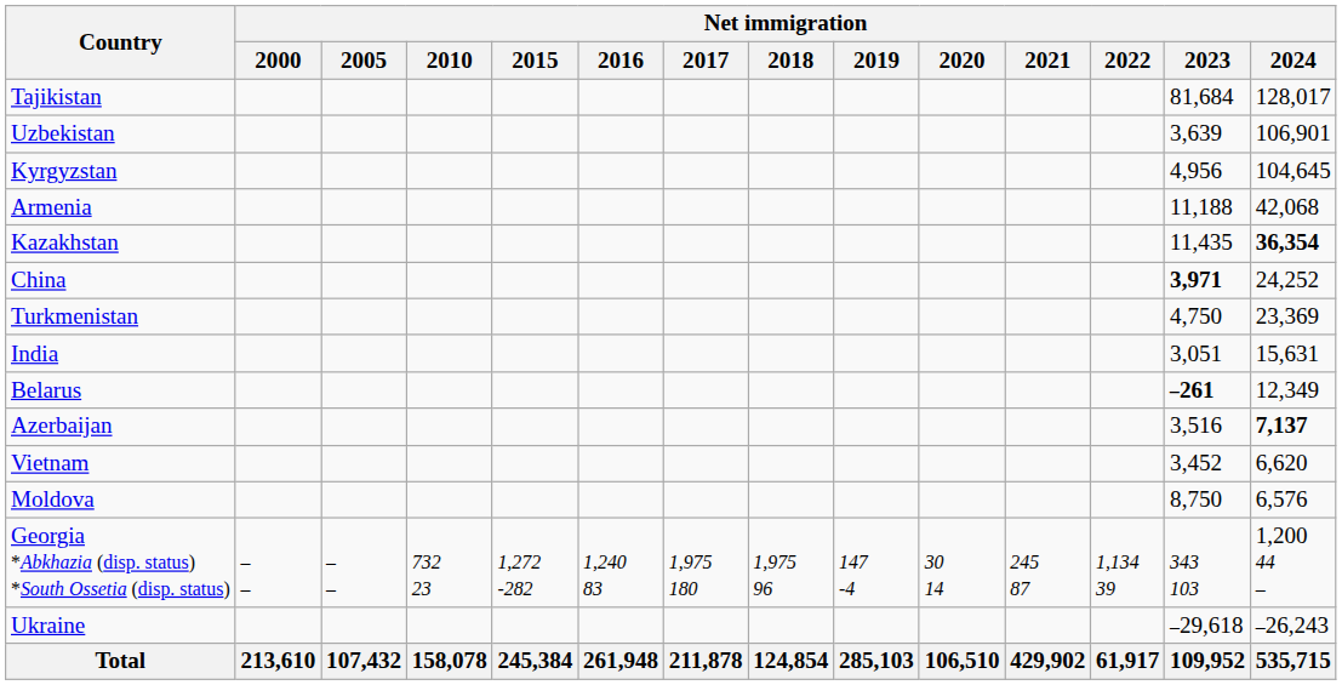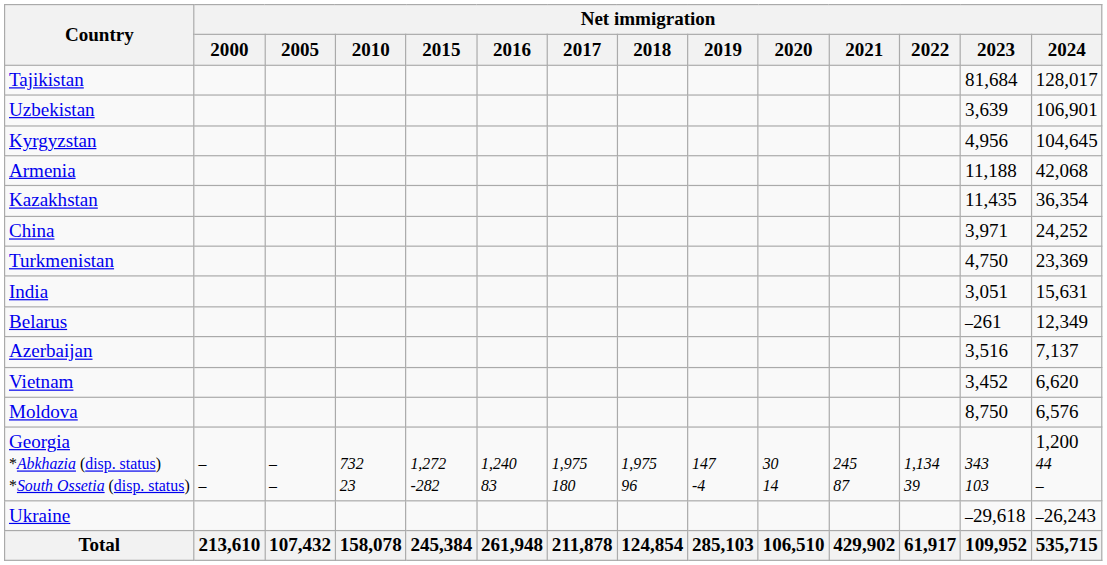 <table class="nowrap sortable mw-datatable wikitable sortable">
 <tr>
 <th rowspan="2">Country</th>
 <th colspan="13">Net immigration</th>
 </tr>
 <tr>
 <th>2000</th>
 <th>2005</th>
 <th>2010</th>
 <th>2015</th>
 <th>2016</th>
 <th>2017</th>
 <th>2018</th>
 <th>2019</th>
 <th>2020</th>
 <th>2021</th>
 <th>2022</th>
 <th>2023</th>
 <th>2024</th>
 </tr>
 <tr>
 <td> <a href='#'>Tajikistan</a></td>
 <td></td>
 <td></td>
 <td></td>
 <td></td>
 <td></td>
 <td></td>
 <td></td>
 <td></td>
 <td></td>
 <td></td>
 <td></td>
 <td>81,684</td>
 <td>128,017</td>
 </tr>
 <tr>
 <td> <a href='#'>Uzbekistan</a></td>
 <td></td>
 <td></td>
 <td></td>
 <td></td>
 <td></td>
 <td></td>
 <td></td>
 <td></td>
 <td></td>
 <td></td>
 <td></td>
 <td>3,639</td>
 <td>106,901</td>
 </tr>
 <tr>
 <td> <a href='#'>Kyrgyzstan</a></td>
 <td></td>
 <td></td>
 <td></td>
 <td></td>
 <td></td>
 <td></td>
 <td></td>
 <td></td>
 <td></td>
 <td></td>
 <td></td>
 <td>4,956</td>
 <td>104,645</td>
 </tr>
 <tr>
 <td> <a href='#'>Armenia</a></td>
 <td></td>
 <td></td>
 <td></td>
 <td></td>
 <td></td>
 <td></td>
 <td></td>
 <td></td>
 <td></td>
 <td></td>
 <td></td>
 <td>11,188</td>
 <td>42,068</td>
 </tr>
 <tr>
 <td> <a href='#'>Kazakhstan</a></td>
 <td></td>
 <td></td>
 <td></td>
 <td></td>
 <td></td>
 <td></td>
 <td></td>
 <td></td>
 <td></td>
 <td></td>
 <td></td>
 <td>11,435</td>
-<td><strong>36,354</strong></td>
+<td>36,354</td>
 </tr>
 <tr>
 <td> <a href='#'>China</a></td>
 <td></td>
 <td></td>
 <td></td>
 <td></td>
 <td></td>
 <td></td>
 <td></td>
 <td></td>
 <td></td>
 <td></td>
 <td></td>
-<td><strong>3,971</strong></td>
+<td>3,971</td>
 <td>24,252</td>
 </tr>
 <tr>
 <td> <a href='#'>Turkmenistan</a></td>
 <td></td>
 <td></td>
 <td></td>
 <td></td>
 <td></td>
 <td></td>
 <td></td>
 <td></td>
 <td></td>
 <td></td>
 <td></td>
 <td>4,750</td>
 <td>23,369</td>
 </tr>
 <tr>
 <td> <a href='#'>India</a></td>
 <td></td>
 <td></td>
 <td></td>
 <td></td>
 <td></td>
 <td></td>
 <td></td>
 <td></td>
 <td></td>
 <td></td>
 <td></td>
 <td>3,051</td>
 <td>15,631</td>
 </tr>
 <tr>
 <td> <a href='#'>Belarus</a></td>
 <td></td>
 <td></td>
 <td></td>
 <td></td>
 <td></td>
 <td></td>
 <td></td>
 <td></td>
 <td></td>
 <td></td>
 <td></td>
-<td><strong><small><em>–</em></small>261</strong></td>
+<td><small><em>–</em></small>261</td>
 <td>12,349</td>
 </tr>
 <tr>
 <td> <a href='#'>Azerbaijan</a></td>
 <td></td>
 <td></td>
 <td></td>
 <td></td>
 <td></td>
 <td></td>
 <td></td>
 <td></td>
 <td></td>
 <td></td>
 <td></td>
 <td>3,516</td>
-<td><strong>7,137</strong></td>
+<td>7,137</td>
 </tr>
 <tr>
 <td> <a href='#'>Vietnam</a></td>
 <td></td>
 <td></td>
 <td></td>
 <td></td>
 <td></td>
 <td></td>
 <td></td>
 <td></td>
 <td></td>
 <td></td>
 <td></td>
 <td>3,452</td>
 <td>6,620</td>
 </tr>
 <tr>
 <td> <a href='#'>Moldova</a></td>
 <td></td>
 <td></td>
 <td></td>
 <td></td>
 <td></td>
 <td></td>
 <td></td>
 <td></td>
 <td></td>
 <td></td>
 <td></td>
 <td>8,750</td>
 <td>6,576</td>
 </tr>
 <tr>
 <td> <a href='#'>Georgia</a><br><small>*<em><a href='#'>Abkhazia</a></em> (<a href='#'>disp. status</a>)<br>*<em><a href='#'>South Ossetia</a></em> (<a href='#'>disp. status</a>) </small></td>
 <td><br><small><em>–</em><br><em>–</em></small></td>
 <td><br><small><em>–</em><br><em>–</em></small></td>
 <td><br><small><em>732</em><br><em>23</em></small></td>
 <td><br><small><em>1,272</em><br><em>-282</em></small></td>
 <td><br><small><em>1,240</em><br><em>83</em></small></td>
 <td><br><small><em>1,975</em><br><em>180</em></small></td>
 <td><br><small><em>1,975</em><br><em>96</em></small></td>
 <td><br><small><em>147</em><br><em>-4</em></small></td>
 <td><br><small><em>30</em><br><em>14</em></small></td>
 <td><br><small><em>245</em><br><em>87</em></small></td>
 <td><br><small><em>1,134</em><br><em>39</em></small></td>
 <td><br><small><em>343</em><br><em>103</em></small></td>
 <td>1,200<br><small><em>44</em><br><em>–</em></small></td>
 </tr>
 <tr>
 <td> <a href='#'>Ukraine</a></td>
 <td></td>
 <td></td>
 <td></td>
 <td></td>
 <td></td>
 <td></td>
 <td></td>
 <td></td>
 <td></td>
 <td></td>
 <td></td>
 <td><small><em>–</em></small>29,618</td>
 <td><small><em>–</em></small>26,243</td>
 </tr>
 <tr>
 <th>Total</th>
 <th>213,610</th>
 <th>107,432</th>
 <th>158,078</th>
 <th>245,384</th>
 <th>261,948</th>
 <th>211,878</th>
 <th>124,854</th>
 <th>285,103</th>
 <th>106,510</th>
 <th>429,902</th>
 <th>61,917</th>
 <th>109,952</th>
 <th>535,715</th>
 </tr>
 </table>
